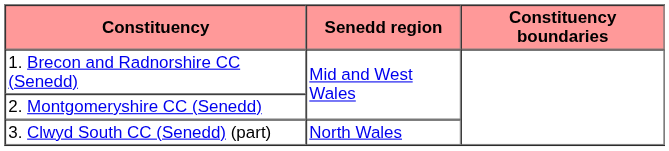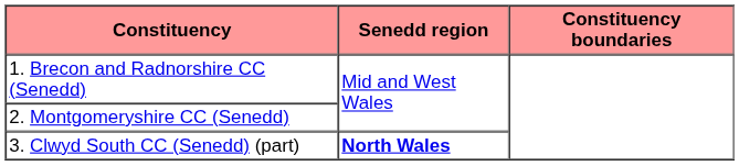 <table border=1 cellpadding="2" cellspacing="0">
 <tr>
 <th bgcolor="#ff9999">Constituency</th>
 <th bgcolor="#ff9999">Senedd region</th>
 <th bgcolor="#ff9999">Constituency boundaries</th>
 </tr>
 <tr>
 <td>1. <a href='#'>Brecon and Radnorshire CC (Senedd)</a></td>
 <td rowspan=2><a href='#'>Mid and West Wales</a></td>
 <td rowspan=3></td>
 </tr>
 <tr>
 <td>2. <a href='#'>Montgomeryshire CC (Senedd)</a></td>
 </tr>
 <tr>
 <td>3. <a href='#'>Clwyd South CC (Senedd)</a> (part)</td>
-<td><a href='#'>North Wales</a></td>
+<td><strong><a href='#'>North Wales</a></strong></td>
 </tr>
 </table>
